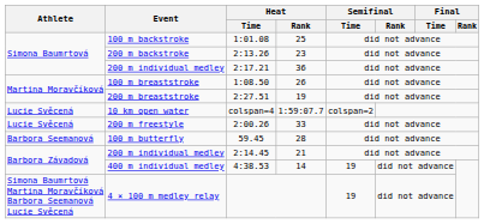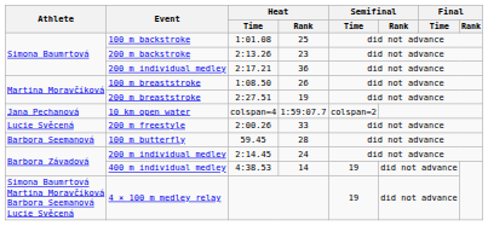 <table class=wikitable style="font-size:90%">
 <tr>
 <th rowspan="2">Athlete</th>
 <th rowspan="2">Event</th>
 <th colspan="2">Heat</th>
 <th colspan="2">Semifinal</th>
 <th colspan="2">Final</th>
 </tr>
 <tr style="font-size:95%">
 <th>Time</th>
 <th>Rank</th>
 <th>Time</th>
 <th>Rank</th>
 <th>Time</th>
 <th>Rank</th>
 </tr>
 <tr align=center>
 <td align=left rowspan=3><a href='#'>Simona Baumrtová</a></td>
 <td align=left><a href='#'>100 m backstroke</a></td>
 <td>1:01.08</td>
 <td>25</td>
 <td colspan=4>did not advance</td>
 </tr>
 <tr align=center>
 <td align=left><a href='#'>200 m backstroke</a></td>
 <td>2:13.26</td>
 <td>23</td>
 <td colspan=4>did not advance</td>
 </tr>
 <tr align=center>
 <td align=left><a href='#'>200 m individual medley</a></td>
 <td>2:17.21</td>
 <td>36</td>
 <td colspan=4>did not advance</td>
 </tr>
 <tr align=center>
 <td align=left rowspan=2><a href='#'>Martina Moravčíková</a></td>
 <td align=left><a href='#'>100 m breaststroke</a></td>
 <td>1:08.50</td>
 <td>26</td>
 <td colspan=4>did not advance</td>
 </tr>
 <tr align=center>
 <td align=left><a href='#'>200 m breaststroke</a></td>
 <td>2:27.51</td>
 <td>19</td>
 <td colspan=4>did not advance</td>
 </tr>
 <tr align=center>
-<td align=left><a href='#'>Lucie Svěcená</a></td>
+<td align=left><a href='#'>Jana Pechanová</a></td>
 <td align=left><a href='#'>10 km open water</a></td>
 <td>colspan=4 </td>
 <td>1:59:07.7</td>
 <td>colspan=2 </td>
 </tr>
 <tr align=center>
 <td align=left><a href='#'>Lucie Svěcená</a></td>
 <td align=left><a href='#'>200 m freestyle</a></td>
 <td>2:00.26</td>
 <td>33</td>
 <td colspan=4>did not advance</td>
 </tr>
 <tr align=center>
 <td align=left><a href='#'>Barbora Seemanová</a></td>
 <td align=left><a href='#'>100 m butterfly</a></td>
 <td>59.45</td>
 <td>28</td>
 <td colspan=4>did not advance</td>
 </tr>
 <tr align=center>
 <td align=left rowspan=2><a href='#'>Barbora Závadová</a></td>
 <td align=left><a href='#'>200 m individual medley</a></td>
 <td>2:14.45</td>
-<td>21</td>
+<td>24</td>
 <td colspan=4>did not advance</td>
 </tr>
 <tr align=center>
 <td align=left><a href='#'>400 m individual medley</a></td>
 <td>4:38.53</td>
 <td>14</td>
 <td>19</td>
 <td colspan=2>did not advance</td>
 </tr>
 <tr align=center>
 <td align=left><a href='#'>Simona Baumrtová</a><br><a href='#'>Martina Moravčíková</a><br><a href='#'>Barbora Seemanová</a><br><a href='#'>Lucie Svěcená</a></td>
 <td align=left><a href='#'>4 × 100 m medley relay</a></td>
 <td colspan=2></td>
 <td>19</td>
 <td colspan=2>did not advance</td>
 </tr>
 </table>
